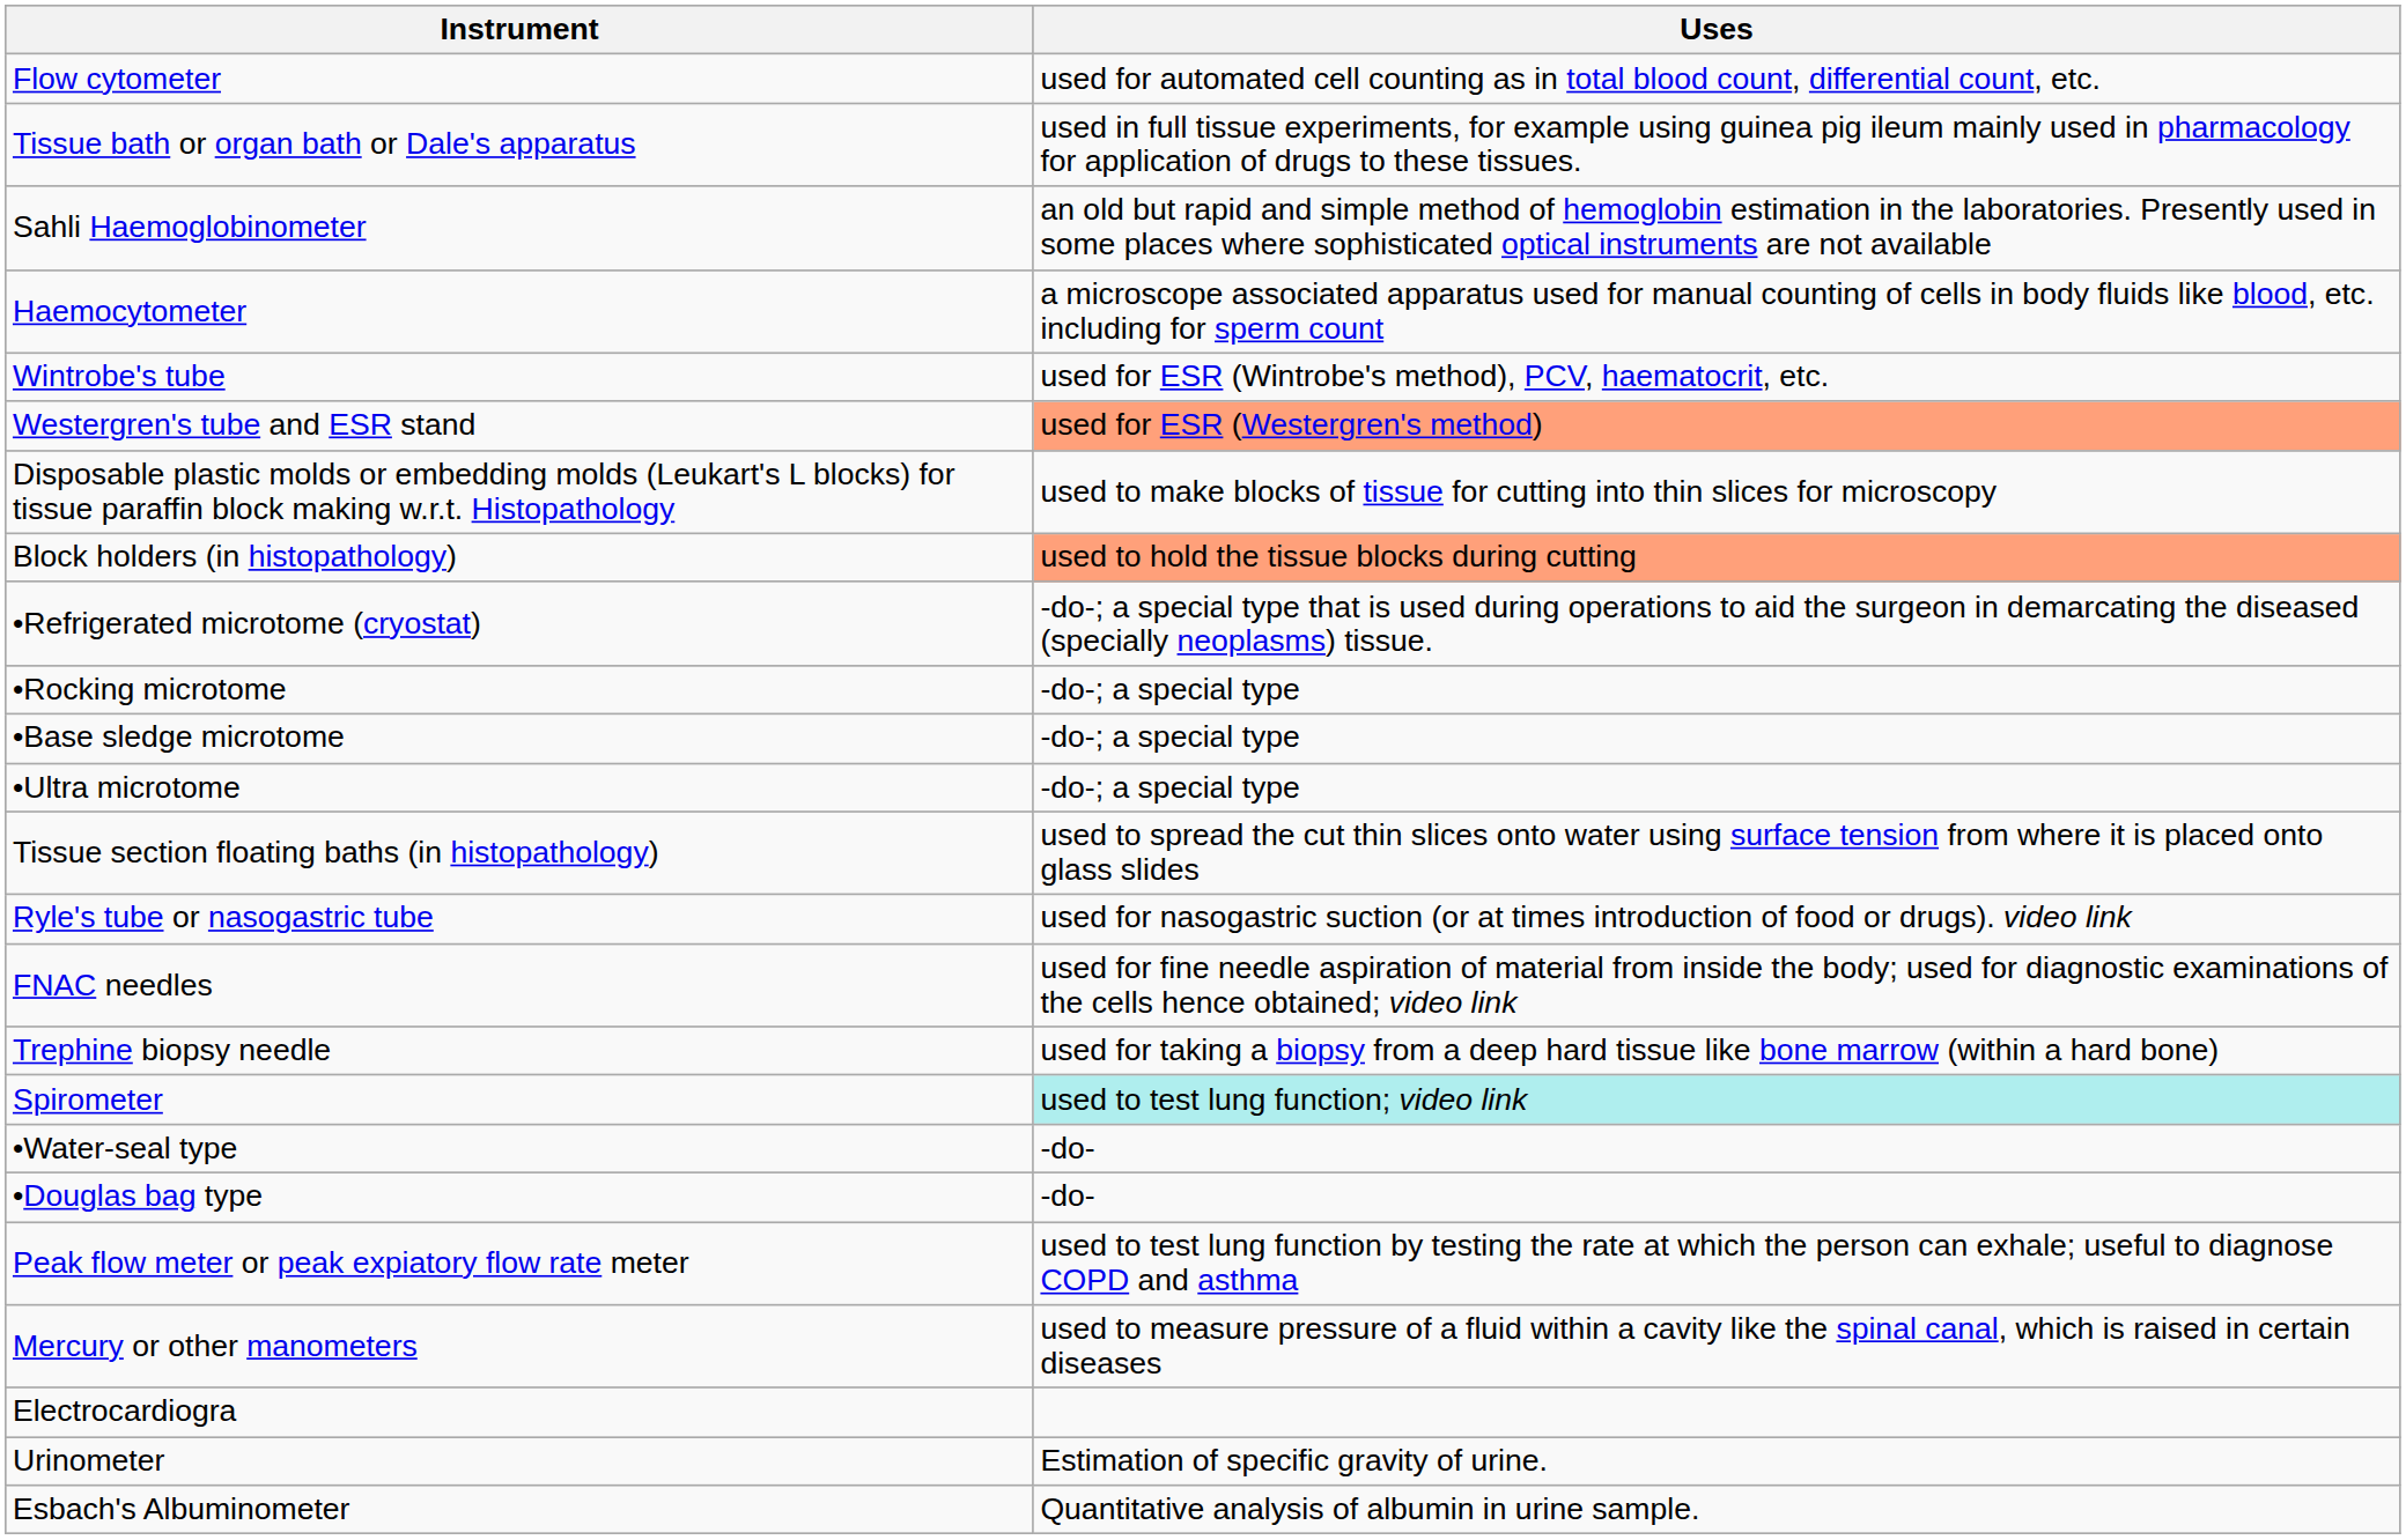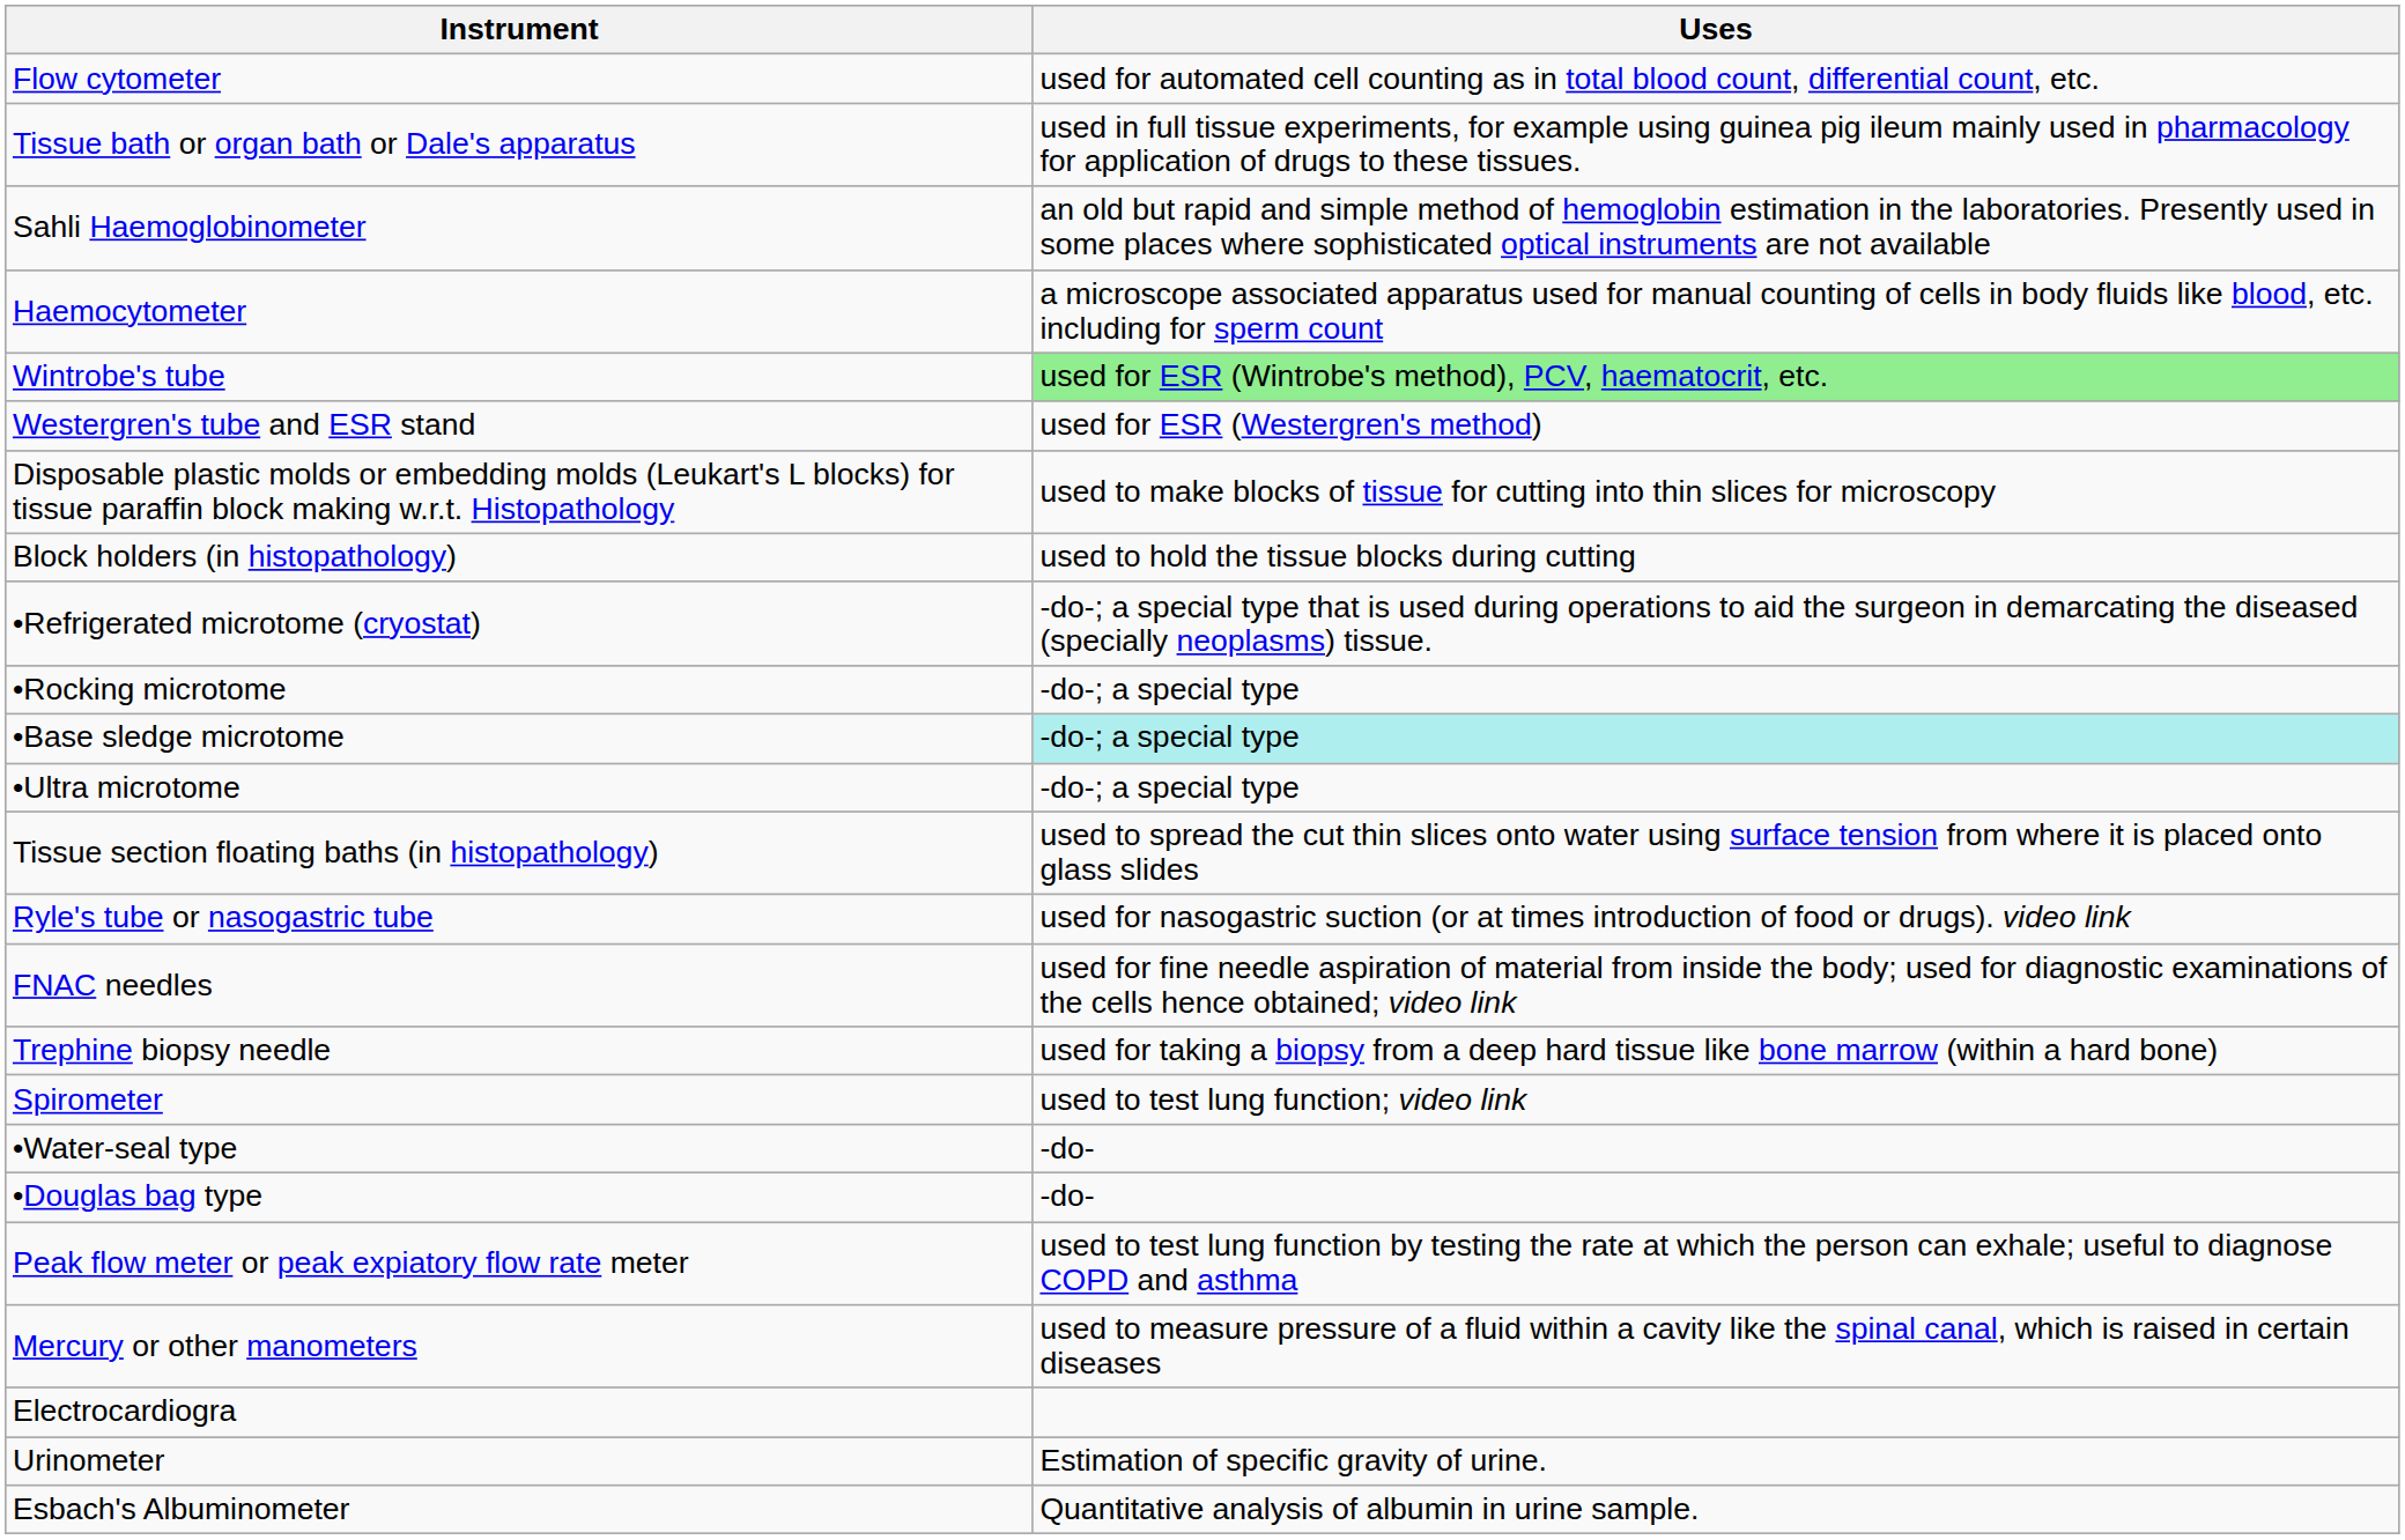 <table class="wikitable">
 <tr>
 <th>Instrument</th>
 <th>Uses</th>
 </tr>
 <tr>
 <td><a href='#'>Flow cytometer</a></td>
 <td>used for automated cell counting as in <a href='#'>total blood count</a>, <a href='#'>differential count</a>, etc.</td>
 </tr>
 <tr>
 <td><a href='#'>Tissue bath</a> or <a href='#'>organ bath</a> or <a href='#'>Dale's apparatus</a></td>
 <td>used in full tissue experiments, for example using guinea pig ileum  mainly used in <a href='#'>pharmacology</a> for application of drugs to these tissues.</td>
 </tr>
 <tr>
 <td>Sahli <a href='#'>Haemoglobinometer</a></td>
 <td>an old but rapid and simple method of <a href='#'>hemoglobin</a> estimation in the laboratories. Presently used in some places where sophisticated <a href='#'>optical instruments</a> are not available</td>
 </tr>
 <tr>
 <td><a href='#'>Haemocytometer</a></td>
 <td>a microscope associated apparatus used for manual counting of cells in body fluids like <a href='#'>blood</a>, etc. including for <a href='#'>sperm count</a></td>
 </tr>
 <tr>
 <td><a href='#'>Wintrobe's tube</a></td>
-<td>used for <a href='#'>ESR</a> (Wintrobe's method), <a href='#'>PCV</a>, <a href='#'>haematocrit</a>, etc.</td>
+<td style="background: lightgreen;">used for <a href='#'>ESR</a> (Wintrobe's method), <a href='#'>PCV</a>, <a href='#'>haematocrit</a>, etc.</td>
 </tr>
 <tr>
 <td><a href='#'>Westergren's tube</a> and <a href='#'>ESR</a> stand</td>
-<td style="background: lightsalmon;">used for <a href='#'>ESR</a> (<a href='#'>Westergren's method</a>)</td>
+<td>used for <a href='#'>ESR</a> (<a href='#'>Westergren's method</a>)</td>
 </tr>
 <tr>
 <td>Disposable plastic molds or embedding molds (Leukart's L blocks) for tissue paraffin block making w.r.t. <a href='#'>Histopathology</a></td>
 <td>used to make blocks of <a href='#'>tissue</a> for cutting into thin slices for microscopy</td>
 </tr>
 <tr>
 <td>Block holders (in <a href='#'>histopathology</a>)</td>
-<td style="background: lightsalmon;">used to hold the tissue blocks during cutting</td>
+<td>used to hold the tissue blocks during cutting</td>
 </tr>
 <tr>
 <td>•Refrigerated microtome (<a href='#'>cryostat</a>)</td>
 <td>-do-; a special type that is used during operations to aid the surgeon in demarcating the diseased (specially <a href='#'>neoplasms</a>) tissue.</td>
 </tr>
 <tr>
 <td>•Rocking microtome</td>
 <td>-do-; a special type</td>
 </tr>
 <tr>
 <td>•Base sledge microtome</td>
-<td>-do-; a special type</td>
+<td style="background: paleturquoise;">-do-; a special type</td>
 </tr>
 <tr>
 <td>•Ultra microtome</td>
 <td>-do-; a special type</td>
 </tr>
 <tr>
 <td>Tissue section floating baths (in <a href='#'>histopathology</a>)</td>
 <td>used to spread the cut thin slices onto water using <a href='#'>surface tension</a> from where it is placed onto glass slides</td>
 </tr>
 <tr>
 <td><a href='#'>Ryle's tube</a> or <a href='#'>nasogastric tube</a></td>
 <td>used for nasogastric suction (or at times introduction of food or drugs). <em>video link</em></td>
 </tr>
 <tr>
 <td><a href='#'>FNAC</a> needles</td>
 <td>used for fine needle aspiration of material from inside the body; used for diagnostic examinations of the cells hence obtained; <em>video link</em></td>
 </tr>
 <tr>
 <td><a href='#'>Trephine</a> biopsy needle</td>
 <td>used for taking a <a href='#'>biopsy</a> from a deep hard tissue like <a href='#'>bone marrow</a> (within a hard bone)</td>
 </tr>
 <tr>
 <td><a href='#'>Spirometer</a></td>
-<td style="background: paleturquoise;">used to test lung function; <em>video link</em></td>
+<td>used to test lung function; <em>video link</em></td>
 </tr>
 <tr>
 <td>•Water-seal type</td>
 <td>-do-</td>
 </tr>
 <tr>
 <td>•<a href='#'>Douglas bag</a> type</td>
 <td>-do-</td>
 </tr>
 <tr>
 <td><a href='#'>Peak flow meter</a> or <a href='#'>peak expiatory flow rate</a> meter</td>
 <td>used to test lung function by testing the rate at which the person can exhale; useful to diagnose <a href='#'>COPD</a> and <a href='#'>asthma</a></td>
 </tr>
 <tr>
 <td><a href='#'>Mercury</a> or other <a href='#'>manometers</a></td>
 <td>used to measure pressure of a fluid within a cavity like the <a href='#'>spinal canal</a>, which is raised in certain diseases</td>
 </tr>
 <tr>
 <td>Electrocardiogra</td>
 <td></td>
 </tr>
 <tr>
 <td>Urinometer</td>
 <td>Estimation of specific gravity of urine.</td>
 </tr>
 <tr>
 <td>Esbach's Albuminometer</td>
 <td>Quantitative analysis of albumin in urine sample.</td>
 </tr>
 </table>
